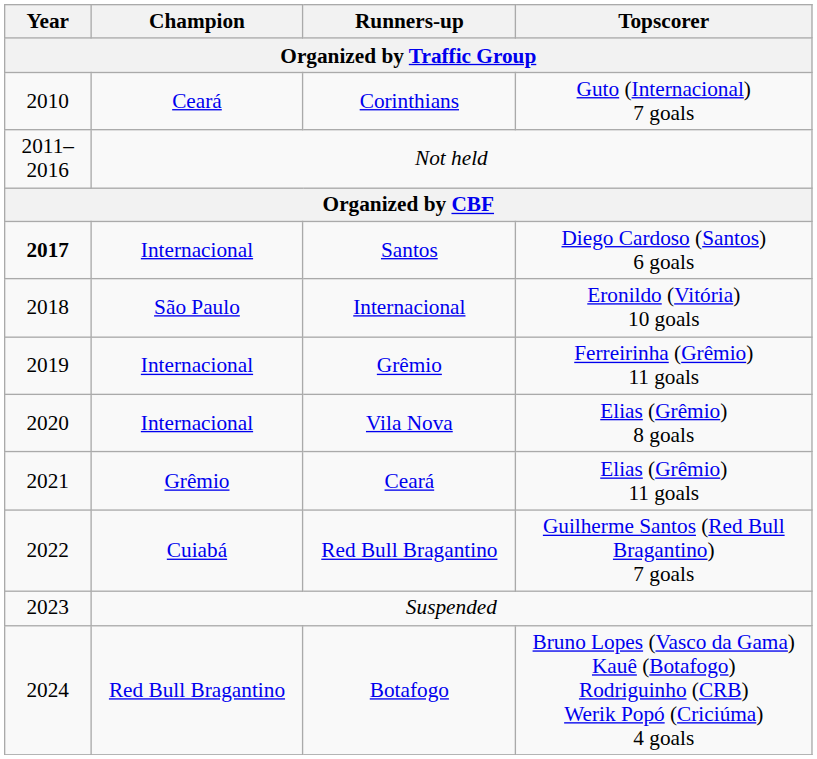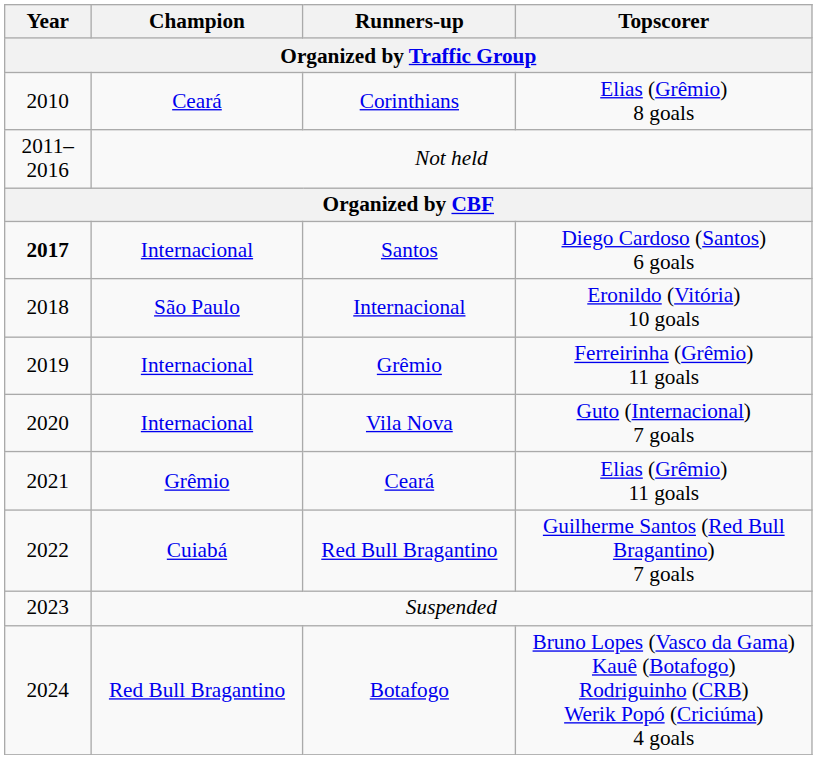 <table class="wikitable">
 <tr>
 <th width=70>Year</th>
 <th width=200>Champion</th>
 <th width=200>Runners-up</th>
 <th width=300>Topscorer</th>
 </tr>
 <tr>
 <th colspan=4 align=center>Organized by <a href='#'>Traffic Group</a></th>
 </tr>
 <tr>
 <td align=center>2010</td>
 <td align=center><a href='#'>Ceará</a><br></td>
 <td align=center><a href='#'>Corinthians</a><br></td>
-<td align=center><a href='#'>Guto</a> (<a href='#'>Internacional</a>)<br>7 goals</td>
+<td align=center><a href='#'>Elias</a> (<a href='#'>Grêmio</a>)<br>8 goals</td>
 </tr>
 <tr>
 <td align=center>2011–2016</td>
 <td align=center colspan=3><em>Not held</em></td>
 </tr>
 <tr>
 <th colspan=4 align=center>Organized by <a href='#'>CBF</a></th>
 </tr>
 <tr>
 <td align=center><strong>2017</strong></td>
 <td align=center><a href='#'>Internacional</a><br></td>
 <td align=center><a href='#'>Santos</a><br></td>
 <td align=center><a href='#'>Diego Cardoso</a> (<a href='#'>Santos</a>)<br>6 goals</td>
 </tr>
 <tr>
 <td align=center>2018</td>
 <td align=center><a href='#'>São Paulo</a><br></td>
 <td align=center><a href='#'>Internacional</a><br></td>
 <td align=center><a href='#'>Eronildo</a> (<a href='#'>Vitória</a>)<br>10 goals</td>
 </tr>
 <tr>
 <td align=center>2019</td>
 <td align=center><a href='#'>Internacional</a><br></td>
 <td align=center><a href='#'>Grêmio</a><br></td>
 <td align=center><a href='#'>Ferreirinha</a> (<a href='#'>Grêmio</a>)<br>11 goals</td>
 </tr>
 <tr>
 <td align=center>2020</td>
 <td align=center><a href='#'>Internacional</a><br></td>
 <td align=center><a href='#'>Vila Nova</a><br></td>
-<td align=center><a href='#'>Elias</a> (<a href='#'>Grêmio</a>)<br>8 goals</td>
+<td align=center><a href='#'>Guto</a> (<a href='#'>Internacional</a>)<br>7 goals</td>
 </tr>
 <tr>
 <td align=center>2021</td>
 <td align=center><a href='#'>Grêmio</a><br></td>
 <td align=center><a href='#'>Ceará</a><br></td>
 <td align=center><a href='#'>Elias</a> (<a href='#'>Grêmio</a>)<br>11 goals</td>
 </tr>
 <tr>
 <td align=center>2022</td>
 <td align=center><a href='#'>Cuiabá</a><br></td>
 <td align=center><a href='#'>Red Bull Bragantino</a><br></td>
 <td align=center><a href='#'>Guilherme Santos</a> (<a href='#'>Red Bull Bragantino</a>)<br>7 goals</td>
 </tr>
 <tr>
 <td align=center>2023</td>
 <td colspan=3 align=center><em>Suspended</em></td>
 </tr>
 <tr>
 <td align=center>2024</td>
 <td align=center><a href='#'>Red Bull Bragantino</a><br></td>
 <td align=center><a href='#'>Botafogo</a><br></td>
 <td align=center><a href='#'>Bruno Lopes</a> (<a href='#'>Vasco da Gama</a>)<br><a href='#'>Kauê</a> (<a href='#'>Botafogo</a>)<br><a href='#'>Rodriguinho</a> (<a href='#'>CRB</a>)<br><a href='#'>Werik Popó</a> (<a href='#'>Criciúma</a>)<br>4 goals</td>
 </tr>
 </table>
